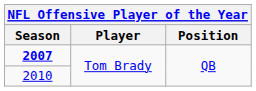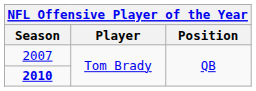 <table class="wikitable sortable" style="text-align:center">
 <tr>
 <th colspan="3"><a href='#'><span><u>NFL Offensive Player of the Year</u></span></a></th>
 </tr>
 <tr>
 <th>Season</th>
 <th>Player</th>
 <th>Position</th>
 </tr>
 <tr>
-<td><strong><a href='#'>2007</a></strong></td>
+<td><a href='#'>2007</a></td>
 <td rowspan=2><a href='#'>Tom Brady</a></td>
 <td rowspan=2><a href='#'>QB</a></td>
 </tr>
 <tr>
-<td><a href='#'>2010</a></td>
+<td><strong><a href='#'>2010</a></strong></td>
 </tr>
 </table>
